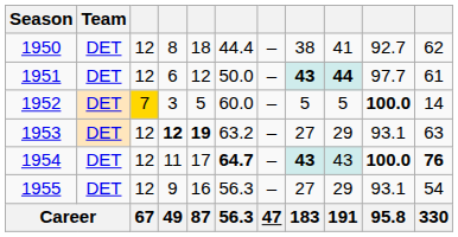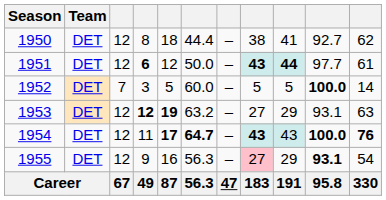 <table class="wikitable" style="text-align:center;">
 <tr>
 <th>Season</th>
 <th>Team</th>
 <th></th>
 <th></th>
 <th></th>
 <th></th>
 <th></th>
 <th></th>
 <th></th>
 <th></th>
 <th></th>
 </tr>
 <tr>
 <td><a href='#'>1950</a></td>
 <td><a href='#'>DET</a></td>
 <td>12</td>
 <td>8</td>
 <td>18</td>
 <td>44.4</td>
 <td>–</td>
 <td>38</td>
 <td>41</td>
 <td>92.7</td>
 <td>62</td>
 </tr>
 <tr>
 <td><a href='#'>1951</a></td>
 <td><a href='#'>DET</a></td>
 <td>12</td>
-<td>6</td>
+<td><strong>6</strong></td>
 <td>12</td>
 <td>50.0</td>
 <td>–</td>
 <td style="background:#cfecec;"><strong>43</strong></td>
 <td style="background:#cfecec;"><strong>44</strong></td>
 <td>97.7</td>
 <td>61</td>
 </tr>
 <tr>
 <td><a href='#'>1952</a></td>
 <td style="background:#ffe6bd;"><a href='#'>DET</a></td>
-<td style="background: gold;">7</td>
+<td>7</td>
 <td>3</td>
 <td>5</td>
 <td>60.0</td>
 <td>–</td>
 <td>5</td>
 <td>5</td>
 <td><strong>100.0</strong></td>
 <td>14</td>
 </tr>
 <tr>
 <td><a href='#'>1953</a></td>
 <td style="background:#ffe6bd;"><a href='#'>DET</a></td>
 <td>12</td>
 <td><strong>12</strong></td>
 <td><strong>19</strong></td>
 <td>63.2</td>
 <td>–</td>
 <td>27</td>
 <td>29</td>
 <td>93.1</td>
 <td>63</td>
 </tr>
 <tr>
 <td><a href='#'>1954</a></td>
 <td><a href='#'>DET</a></td>
 <td>12</td>
 <td>11</td>
-<td>17</td>
+<td><strong>17</strong></td>
 <td><strong>64.7</strong></td>
 <td>–</td>
 <td style="background:#cfecec;"><strong>43</strong></td>
 <td style="background:#cfecec;">43</td>
 <td><strong>100.0</strong></td>
 <td><strong>76</strong></td>
 </tr>
 <tr>
 <td><a href='#'>1955</a></td>
 <td><a href='#'>DET</a></td>
 <td>12</td>
 <td>9</td>
 <td>16</td>
 <td>56.3</td>
 <td>–</td>
-<td>27</td>
+<td style="background: pink;">27</td>
 <td>29</td>
-<td>93.1</td>
+<td><strong>93.1</strong></td>
 <td>54</td>
 </tr>
 <tr>
 <th colspan="2">Career</th>
 <th>67</th>
 <th>49</th>
 <th>87</th>
 <th>56.3</th>
 <th><u>47</u></th>
 <th>183</th>
 <th>191</th>
 <th>95.8</th>
 <th>330</th>
 </tr>
 </table>
